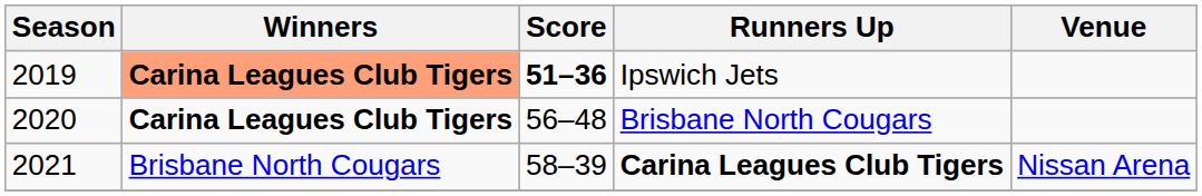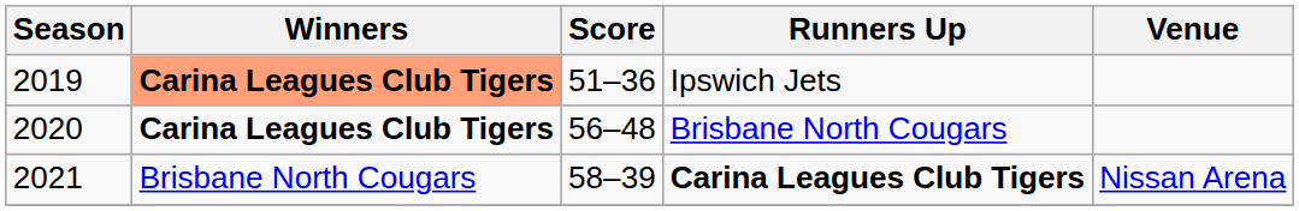 <table class="wikitable collapsible">
 <tr>
 <th>Season</th>
 <th>Winners</th>
 <th>Score</th>
 <th>Runners Up</th>
 <th>Venue</th>
 </tr>
 <tr>
 <td>2019</td>
 <td style="background: lightsalmon;"><strong>Carina Leagues Club Tigers</strong></td>
-<td><strong>51–36</strong></td>
+<td>51–36</td>
 <td>Ipswich Jets</td>
 <td></td>
 </tr>
 <tr>
 <td>2020</td>
 <td><strong>Carina Leagues Club Tigers</strong></td>
 <td>56–48</td>
 <td><a href='#'>Brisbane North Cougars</a></td>
 <td></td>
 </tr>
 <tr>
 <td>2021</td>
 <td><a href='#'>Brisbane North Cougars</a></td>
 <td>58–39</td>
 <td><strong>Carina Leagues Club Tigers</strong></td>
 <td><a href='#'>Nissan Arena</a></td>
 </tr>
 <tr>
 </tr>
 </table>
